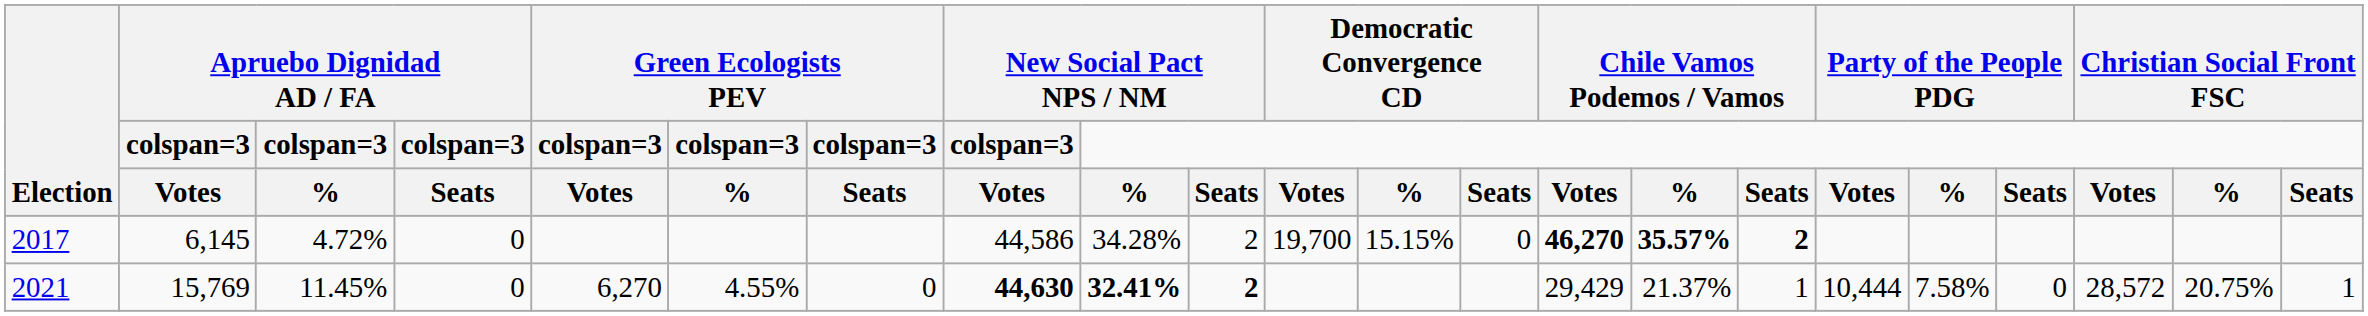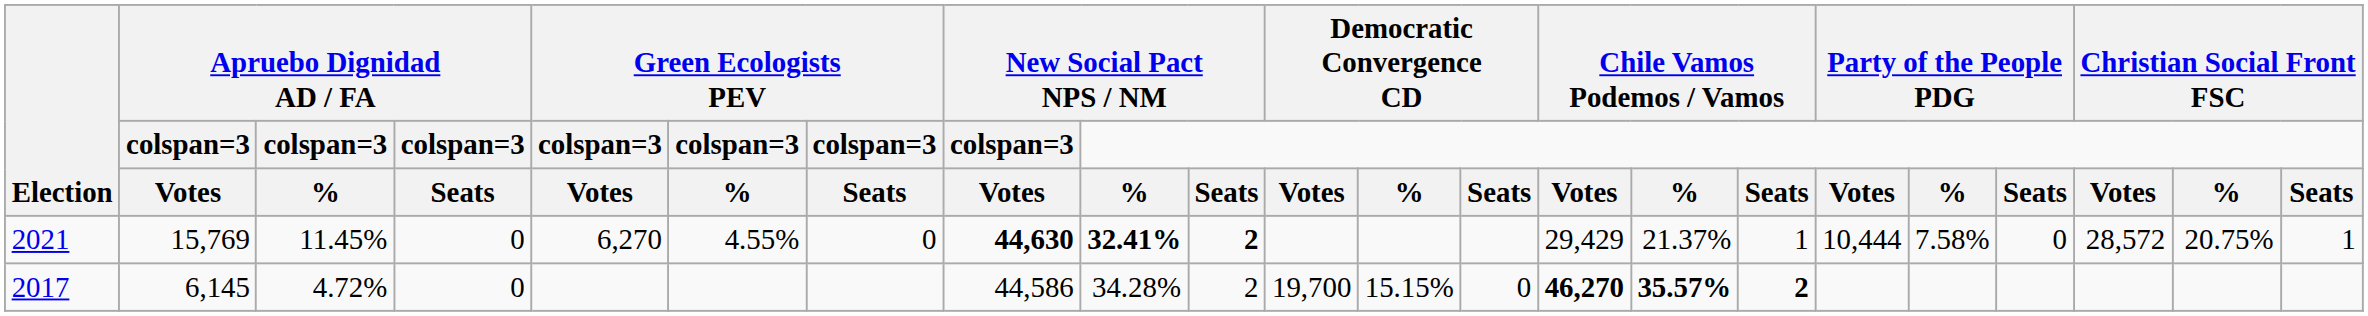 <table class="wikitable" border="1" style="font-size:95%; text-align:right;">
 <tr>
 <th style="text-align:left;" valign=bottom rowspan=3>Election</th>
 <th valign=bottom colspan=3><a href='#'>Apruebo Dignidad</a><br>AD / FA</th>
 <th valign=bottom colspan=3><a href='#'>Green Ecologists</a><br>PEV</th>
 <th valign=bottom colspan=3><a href='#'>New Social Pact</a><br>NPS / NM</th>
 <th valign=bottom colspan=3>Democratic<br>Convergence<br>CD</th>
 <th valign=bottom colspan=3><a href='#'>Chile Vamos</a><br>Podemos / Vamos</th>
 <th valign=bottom colspan=3><a href='#'>Party of the People</a><br>PDG</th>
 <th valign=bottom colspan=3><a href='#'>Christian Social Front</a><br>FSC</th>
 </tr>
 <tr>
 <th>colspan=3 </th>
 <th>colspan=3 </th>
 <th>colspan=3 </th>
 <th>colspan=3 </th>
 <th>colspan=3 </th>
 <th>colspan=3 </th>
 <th>colspan=3 </th>
 </tr>
 <tr>
 <th>Votes</th>
 <th>%</th>
 <th>Seats</th>
 <th>Votes</th>
 <th>%</th>
 <th>Seats</th>
 <th>Votes</th>
 <th>%</th>
 <th>Seats</th>
 <th>Votes</th>
 <th>%</th>
 <th>Seats</th>
 <th>Votes</th>
 <th>%</th>
 <th>Seats</th>
 <th>Votes</th>
 <th>%</th>
 <th>Seats</th>
 <th>Votes</th>
 <th>%</th>
 <th>Seats</th>
 </tr>
 <tr>
+<td align=left><a href='#'>2021</a></td>
+<td>15,769</td>
+<td>11.45%</td>
+<td>0</td>
+<td>6,270</td>
+<td>4.55%</td>
+<td>0</td>
+<td><strong>44,630</strong></td>
+<td><strong>32.41%</strong></td>
+<td><strong>2</strong></td>
+<td></td>
+<td></td>
+<td></td>
+<td>29,429</td>
+<td>21.37%</td>
+<td>1</td>
+<td>10,444</td>
+<td>7.58%</td>
+<td>0</td>
+<td>28,572</td>
+<td>20.75%</td>
+<td>1</td>
+</tr>
+<tr>
 <td align=left><a href='#'>2017</a></td>
 <td>6,145</td>
 <td>4.72%</td>
 <td>0</td>
 <td></td>
 <td></td>
 <td></td>
 <td>44,586</td>
 <td>34.28%</td>
 <td>2</td>
 <td>19,700</td>
 <td>15.15%</td>
 <td>0</td>
 <td><strong>46,270</strong></td>
 <td><strong>35.57%</strong></td>
 <td><strong>2</strong></td>
 <td></td>
 <td></td>
 <td></td>
 <td></td>
 <td></td>
 <td></td>
 </tr>
-<tr>
-<td align=left><a href='#'>2021</a></td>
-<td>15,769</td>
-<td>11.45%</td>
-<td>0</td>
-<td>6,270</td>
-<td>4.55%</td>
-<td>0</td>
-<td><strong>44,630</strong></td>
-<td><strong>32.41%</strong></td>
-<td><strong>2</strong></td>
-<td></td>
-<td></td>
-<td></td>
-<td>29,429</td>
-<td>21.37%</td>
-<td>1</td>
-<td>10,444</td>
-<td>7.58%</td>
-<td>0</td>
-<td>28,572</td>
-<td>20.75%</td>
-<td>1</td>
-</tr>
 </table>
